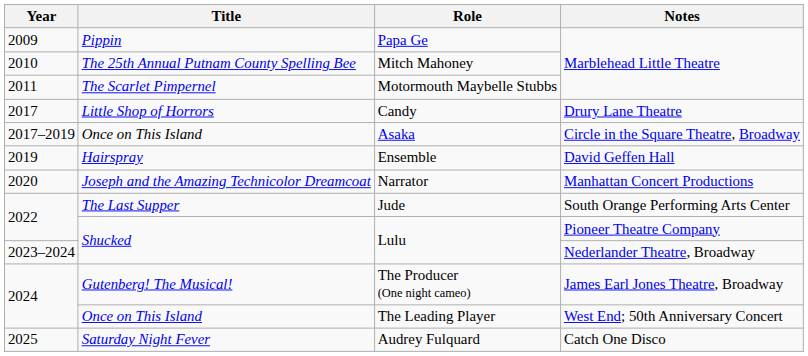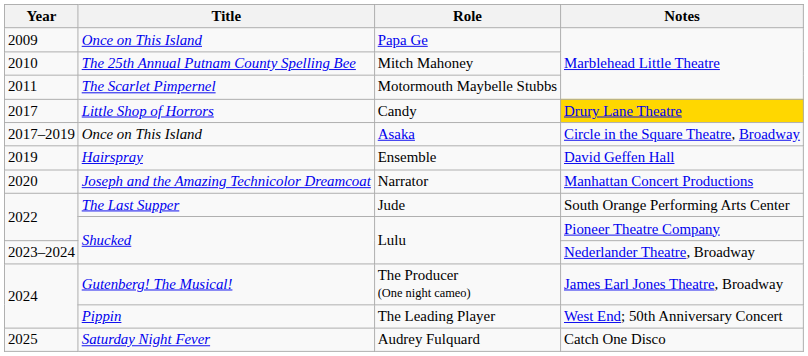 <table class="wikitable sortable">
 <tr>
 <th scope="col">Year</th>
 <th scope="col">Title</th>
 <th scope="col">Role</th>
 <th scope="col" class="unsortable">Notes</th>
 </tr>
 <tr>
 <td>2009</td>
-<td><a href='#'><em>Pippin</em></a></td>
+<td><em><a href='#'>Once on This Island</a></em></td>
 <td><a href='#'>Papa Ge</a></td>
 <td rowspan=3><a href='#'>Marblehead Little Theatre</a></td>
 </tr>
 <tr>
 <td>2010</td>
 <td><em><a href='#'>The 25th Annual Putnam County Spelling Bee</a></em></td>
 <td>Mitch Mahoney</td>
 </tr>
 <tr>
 <td>2011</td>
 <td><em><a href='#'>The Scarlet Pimpernel</a></em></td>
 <td>Motormouth Maybelle Stubbs</td>
 </tr>
 <tr>
 <td>2017</td>
 <td><a href='#'><em>Little Shop of Horrors</em></a></td>
 <td>Candy</td>
-<td><a href='#'>Drury Lane Theatre</a></td>
+<td style="background: gold;"><a href='#'>Drury Lane Theatre</a></td>
 </tr>
 <tr>
 <td>2017–2019</td>
 <td><em>Once on This Island</em></td>
 <td><a href='#'>Asaka</a></td>
 <td><a href='#'>Circle in the Square Theatre</a>, <a href='#'>Broadway</a></td>
 </tr>
 <tr>
 <td>2019</td>
 <td><em><a href='#'>Hairspray</a></em></td>
 <td>Ensemble</td>
 <td><a href='#'>David Geffen Hall</a></td>
 </tr>
 <tr>
 <td>2020</td>
 <td><em><a href='#'>Joseph and the Amazing Technicolor Dreamcoat</a></em></td>
 <td>Narrator</td>
 <td><a href='#'>Manhattan Concert Productions</a></td>
 </tr>
 <tr>
 <td rowspan="2">2022</td>
 <td><em><a href='#'>The Last Supper</a></em></td>
 <td>Jude</td>
 <td>South Orange Performing Arts Center</td>
 </tr>
 <tr>
 <td rowspan=2><em><a href='#'>Shucked</a></em></td>
 <td rowspan=2>Lulu</td>
 <td><a href='#'>Pioneer Theatre Company</a></td>
 </tr>
 <tr>
 <td>2023–2024</td>
 <td><a href='#'>Nederlander Theatre</a>, Broadway</td>
 </tr>
 <tr>
 <td rowspan="2">2024</td>
 <td><em><a href='#'>Gutenberg! The Musical!</a></em></td>
 <td>The Producer<br><small>(One night cameo)</small></td>
 <td><a href='#'>James Earl Jones Theatre</a>, Broadway</td>
 </tr>
 <tr>
-<td><em><a href='#'>Once on This Island</a></em></td>
+<td><a href='#'><em>Pippin</em></a></td>
 <td>The Leading Player</td>
 <td><a href='#'>West End</a>; 50th Anniversary Concert</td>
 </tr>
 <tr>
 <td>2025</td>
 <td><em><a href='#'>Saturday Night Fever</a></em></td>
 <td>Audrey Fulquard</td>
 <td>Catch One Disco</td>
 </tr>
 </table>
